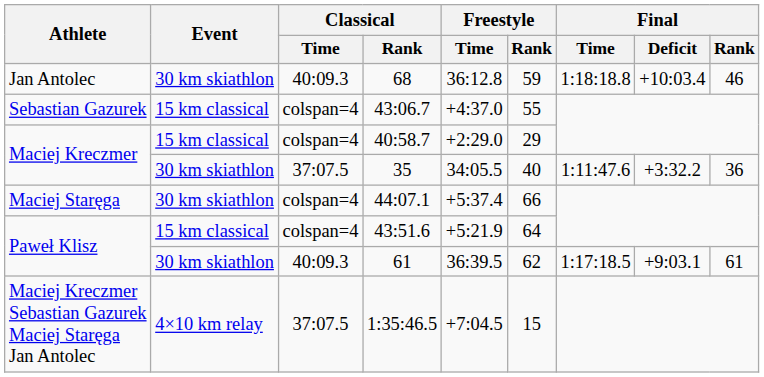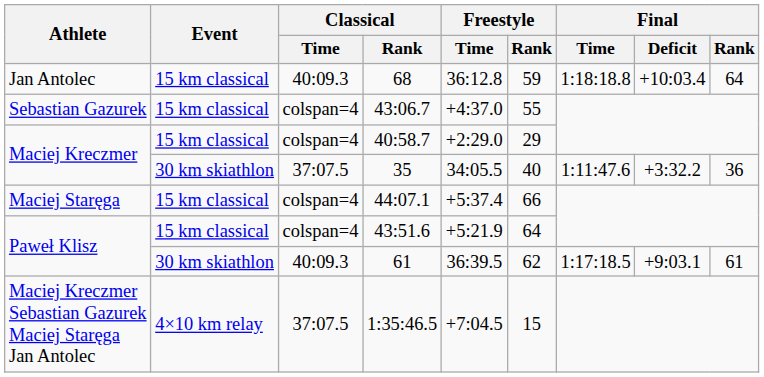 <table class="wikitable" style="font-size:90%">
 <tr>
 <th rowspan=2>Athlete</th>
 <th rowspan=2>Event</th>
 <th colspan=2>Classical</th>
 <th colspan=2>Freestyle</th>
 <th colspan=3>Final</th>
 </tr>
 <tr style="font-size: 95%">
 <th>Time</th>
 <th>Rank</th>
 <th>Time</th>
 <th>Rank</th>
 <th>Time</th>
 <th>Deficit</th>
 <th>Rank</th>
 </tr>
 <tr align=center>
 <td align=left>Jan Antolec</td>
-<td align=left><a href='#'>30 km skiathlon</a></td>
+<td align=left><a href='#'>15 km classical</a></td>
 <td>40:09.3</td>
 <td>68</td>
 <td>36:12.8</td>
 <td>59</td>
 <td>1:18:18.8</td>
 <td>+10:03.4</td>
-<td>46</td>
+<td>64</td>
 </tr>
 <tr align=center>
 <td align=left><a href='#'>Sebastian Gazurek</a></td>
 <td align=left><a href='#'>15 km classical</a></td>
 <td>colspan=4 </td>
 <td>43:06.7</td>
 <td>+4:37.0</td>
 <td>55</td>
 </tr>
 <tr align=center>
 <td align=left rowspan=2><a href='#'>Maciej Kreczmer</a></td>
 <td align=left><a href='#'>15 km classical</a></td>
 <td>colspan=4 </td>
 <td>40:58.7</td>
 <td>+2:29.0</td>
 <td>29</td>
 </tr>
 <tr align=center>
 <td align=left><a href='#'>30 km skiathlon</a></td>
 <td>37:07.5</td>
 <td>35</td>
 <td>34:05.5</td>
 <td>40</td>
 <td>1:11:47.6</td>
 <td>+3:32.2</td>
 <td>36</td>
 </tr>
 <tr align=center>
 <td align=left><a href='#'>Maciej Staręga</a></td>
-<td align=left><a href='#'>30 km skiathlon</a></td>
+<td align=left><a href='#'>15 km classical</a></td>
 <td>colspan=4 </td>
 <td>44:07.1</td>
 <td>+5:37.4</td>
 <td>66</td>
 </tr>
 <tr align=center>
 <td align=left rowspan=2><a href='#'>Paweł Klisz</a></td>
 <td align=left><a href='#'>15 km classical</a></td>
 <td>colspan=4 </td>
 <td>43:51.6</td>
 <td>+5:21.9</td>
 <td>64</td>
 </tr>
 <tr align=center>
 <td align=left><a href='#'>30 km skiathlon</a></td>
 <td>40:09.3</td>
 <td>61</td>
 <td>36:39.5</td>
 <td>62</td>
 <td>1:17:18.5</td>
 <td>+9:03.1</td>
 <td>61</td>
 </tr>
 <tr align=center>
 <td align=left><a href='#'>Maciej Kreczmer</a><br><a href='#'>Sebastian Gazurek</a><br><a href='#'>Maciej Staręga</a><br>Jan Antolec</td>
 <td align=left><a href='#'>4×10 km relay</a></td>
 <td>37:07.5</td>
 <td>1:35:46.5</td>
 <td>+7:04.5</td>
 <td>15</td>
 </tr>
 </table>
